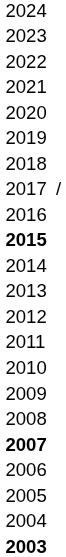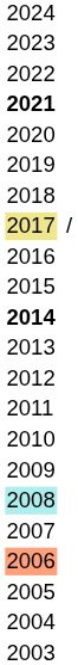 <table>
 <tr>
 <td>2024</td>
 <td></td>
 <td></td>
 <td></td>
 </tr>
 <tr>
 <td>2023</td>
 <td></td>
 <td></td>
 <td></td>
 </tr>
 <tr>
 <td>2022</td>
 <td></td>
 <td></td>
 <td></td>
 </tr>
 <tr>
-<td>2021</td>
+<td><strong>2021</strong></td>
 <td></td>
 <td></td>
 <td></td>
 </tr>
 <tr>
 <td>2020</td>
 <td></td>
 <td></td>
 <td></td>
 </tr>
 <tr>
 <td>2019</td>
 <td></td>
 <td></td>
 <td></td>
 </tr>
 <tr>
 <td>2018</td>
 <td></td>
 <td></td>
 <td></td>
 </tr>
 <tr>
-<td>2017</td>
+<td style="background: khaki;">2017</td>
 <td></td>
 <td> / </td>
 <td></td>
 </tr>
 <tr>
 <td>2016</td>
 <td></td>
 <td></td>
 <td></td>
 </tr>
 <tr>
-<td><strong>2015</strong></td>
+<td>2015</td>
 <td></td>
 <td></td>
 <td></td>
 </tr>
 <tr>
-<td>2014</td>
+<td><strong>2014</strong></td>
 <td></td>
 <td></td>
 <td></td>
 </tr>
 <tr>
 <td>2013</td>
 <td></td>
 <td></td>
 <td></td>
 </tr>
 <tr>
 <td>2012</td>
 <td></td>
 <td></td>
 <td></td>
 </tr>
 <tr>
 <td>2011</td>
 <td></td>
 <td></td>
 <td></td>
 </tr>
 <tr>
 <td>2010</td>
 <td></td>
 <td></td>
 <td></td>
 </tr>
 <tr>
 <td>2009</td>
 <td></td>
 <td></td>
 <td></td>
 </tr>
 <tr>
-<td>2008</td>
+<td style="background: paleturquoise;">2008</td>
 <td></td>
 <td></td>
 <td></td>
 </tr>
 <tr>
-<td><strong>2007</strong></td>
+<td>2007</td>
 <td></td>
 <td></td>
 <td></td>
 </tr>
 <tr>
-<td>2006</td>
+<td style="background: lightsalmon;">2006</td>
 <td></td>
 </tr>
 <tr>
 <td>2005</td>
 <td></td>
 <td></td>
 <td></td>
 </tr>
 <tr>
 <td>2004</td>
 <td></td>
 <td></td>
 </tr>
 <tr>
-<td><strong>2003</strong></td>
+<td>2003</td>
 <td></td>
 <td></td>
 </tr>
 </table>
